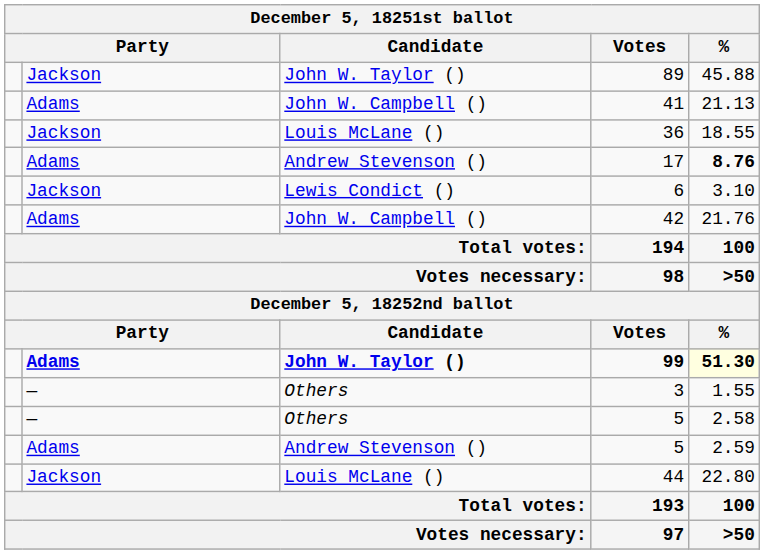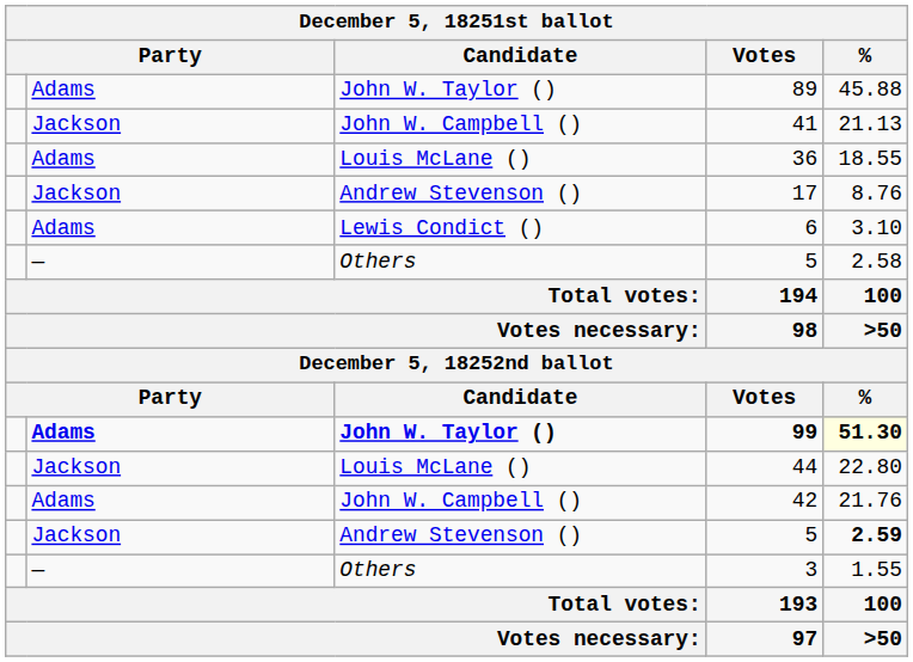 <table class="wikitable" style="margin-right:1em; font-size:95%">
 <tr>
 <th colspan=5 style="font-size:95%">December 5, 18251st ballot</th>
 </tr>
 <tr>
 <th scope="col" colspan="2" style="width: 15em">Party</th>
 <th scope="col" style="width: 17em">Candidate</th>
 <th scope="col" style="width: 5em">Votes</th>
 <th scope="col" style="width: 3.5em">%</th>
 </tr>
 <tr>
 <td style="width: 0.5em; background:"></td>
-<td><a href='#'>Jackson</a></td>
+<td><a href='#'>Adams</a></td>
 <td><a href='#'>John W. Taylor</a> ()</td>
 <td style="text-align:right">89</td>
 <td style="text-align:right">45.88</td>
 </tr>
 <tr>
 <td style="background:"></td>
-<td><a href='#'>Adams</a></td>
+<td><a href='#'>Jackson</a></td>
 <td><a href='#'>John W. Campbell</a> ()</td>
 <td style="text-align:right">41</td>
 <td style="text-align:right">21.13</td>
 </tr>
 <tr>
 <td style="background:"></td>
-<td><a href='#'>Jackson</a></td>
+<td><a href='#'>Adams</a></td>
 <td><a href='#'>Louis McLane</a> ()</td>
 <td style="text-align:right">36</td>
 <td style="text-align:right">18.55</td>
 </tr>
 <tr>
 <td style="background:"></td>
-<td><a href='#'>Adams</a></td>
+<td><a href='#'>Jackson</a></td>
 <td><a href='#'>Andrew Stevenson</a> ()</td>
 <td style="text-align:right">17</td>
-<td style="text-align:right"><strong>8.76</strong></td>
+<td style="text-align:right">8.76</td>
 </tr>
 <tr>
 <td style="background:"></td>
-<td><a href='#'>Jackson</a></td>
+<td><a href='#'>Adams</a></td>
 <td><a href='#'>Lewis Condict</a> ()</td>
 <td style="text-align:right">6</td>
 <td style="text-align:right">3.10</td>
 </tr>
 <tr>
 <td style="background:"></td>
-<td><a href='#'>Adams</a></td>
-<td><a href='#'>John W. Campbell</a> ()</td>
-<td style="text-align:right">42</td>
-<td style="text-align:right">21.76</td>
+<td>—</td>
+<td><em>Others</em></td>
+<td style="text-align:right">5</td>
+<td style="text-align:right">2.58</td>
 </tr>
 <tr>
 <th colspan=3 style="text-align:right">Total votes:</th>
 <td style="text-align:right; background:#f5f5f5"><strong>194</strong></td>
 <td style="text-align:right; background:#f5f5f5"><strong>100</strong></td>
 </tr>
 <tr>
 <th colspan=3 style="text-align:right">Votes necessary:</th>
 <td style="text-align:right; background:#f5f5f5"><strong>98</strong></td>
 <td style="text-align:right; background:#f5f5f5"><strong>>50</strong></td>
 </tr>
 <tr>
 <th colspan=5 style="font-size:95%">December 5, 18252nd ballot</th>
 </tr>
 <tr>
 <th scope="col" colspan="2" style="width: 15em">Party</th>
 <th scope="col" style="width: 17em">Candidate</th>
 <th scope="col" style="width: 5em">Votes</th>
 <th scope="col" style="width: 3.5em">%</th>
 </tr>
 <tr>
 <td style="background:"></td>
 <td><strong><a href='#'>Adams</a></strong></td>
 <td><strong><a href='#'>John W. Taylor</a> ()</strong></td>
 <td style="text-align:right"><strong>99</strong></td>
 <td style="background: lightyellow; text-align:right"><strong>51.30</strong></td>
 </tr>
 <tr>
 <td style="background:"></td>
-<td>—</td>
-<td><em>Others</em></td>
-<td style="text-align:right">3</td>
-<td style="text-align:right">1.55</td>
+<td><a href='#'>Jackson</a></td>
+<td><a href='#'>Louis McLane</a> ()</td>
+<td style="text-align:right">44</td>
+<td style="text-align:right">22.80</td>
+</tr>
+<tr>
+<td style="background:"></td>
+<td><a href='#'>Adams</a></td>
+<td><a href='#'>John W. Campbell</a> ()</td>
+<td style="text-align:right">42</td>
+<td style="text-align:right">21.76</td>
+</tr>
+<tr>
+<td style="background:"></td>
+<td><a href='#'>Jackson</a></td>
+<td><a href='#'>Andrew Stevenson</a> ()</td>
+<td style="text-align:right">5</td>
+<td style="text-align:right"><strong>2.59</strong></td>
 </tr>
 <tr>
 <td style="background:"></td>
 <td>—</td>
 <td><em>Others</em></td>
-<td style="text-align:right">5</td>
-<td style="text-align:right">2.58</td>
-</tr>
-<tr>
-<td style="background:"></td>
-<td><a href='#'>Adams</a></td>
-<td><a href='#'>Andrew Stevenson</a> ()</td>
-<td style="text-align:right">5</td>
-<td style="text-align:right">2.59</td>
-</tr>
-<tr>
-<td style="background:"></td>
-<td><a href='#'>Jackson</a></td>
-<td><a href='#'>Louis McLane</a> ()</td>
-<td style="text-align:right">44</td>
-<td style="text-align:right">22.80</td>
+<td style="text-align:right">3</td>
+<td style="text-align:right">1.55</td>
 </tr>
 <tr>
 <th colspan=3 style="text-align:right">Total votes:</th>
 <td style="text-align:right; background:#f5f5f5"><strong>193</strong></td>
 <td style="text-align:right; background:#f5f5f5"><strong>100</strong></td>
 </tr>
 <tr>
 <th colspan=3 style="text-align:right">Votes necessary:</th>
 <td style="text-align:right; background:#f5f5f5"><strong>97</strong></td>
 <td style="text-align:right; background:#f5f5f5"><strong>>50</strong></td>
 </tr>
 </table>
